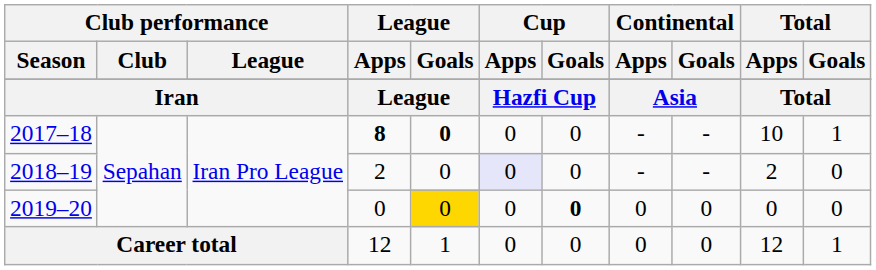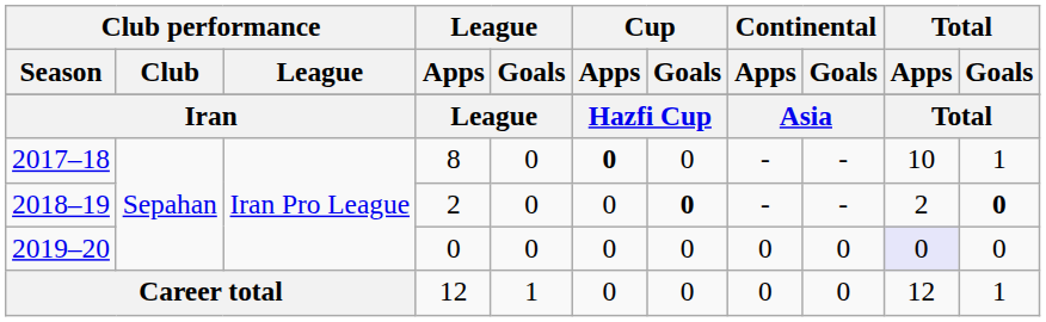 <table class="wikitable" style="text-align:center">
 <tr>
 <th colspan=3>Club performance</th>
 <th colspan=2>League</th>
 <th colspan=2>Cup</th>
 <th colspan=2>Continental</th>
 <th colspan=2>Total</th>
 </tr>
 <tr>
 <th>Season</th>
 <th>Club</th>
 <th>League</th>
 <th>Apps</th>
 <th>Goals</th>
 <th>Apps</th>
 <th>Goals</th>
 <th>Apps</th>
 <th>Goals</th>
 <th>Apps</th>
 <th>Goals</th>
 </tr>
 <tr>
 </tr>
 <tr>
 <th colspan=3>Iran</th>
 <th colspan=2>League</th>
 <th colspan=2><a href='#'>Hazfi Cup</a></th>
 <th colspan=2><a href='#'>Asia</a></th>
 <th colspan=2>Total</th>
 </tr>
 <tr>
 <td><a href='#'>2017–18</a></td>
 <td rowspan="3"><a href='#'>Sepahan</a></td>
 <td rowspan="3"><a href='#'>Iran Pro League</a></td>
-<td><strong>8</strong></td>
+<td>8</td>
+<td>0</td>
 <td><strong>0</strong></td>
-<td>0</td>
 <td>0</td>
 <td>-</td>
 <td>-</td>
 <td>10</td>
 <td>1</td>
 </tr>
 <tr>
 <td><a href='#'>2018–19</a></td>
 <td>2</td>
 <td>0</td>
-<td style="background: lavender;">0</td>
 <td>0</td>
+<td><strong>0</strong></td>
 <td>-</td>
 <td>-</td>
 <td>2</td>
-<td>0</td>
+<td><strong>0</strong></td>
 </tr>
 <tr>
 <td><a href='#'>2019–20</a></td>
 <td>0</td>
-<td style="background: gold;">0</td>
-<td>0</td>
-<td><strong>0</strong></td>
 <td>0</td>
 <td>0</td>
 <td>0</td>
+<td>0</td>
+<td>0</td>
+<td style="background: lavender;">0</td>
 <td>0</td>
 </tr>
 <tr>
 <th colspan=3>Career total</th>
 <td>12</td>
 <td>1</td>
 <td>0</td>
 <td>0</td>
 <td>0</td>
 <td>0</td>
 <td>12</td>
 <td>1</td>
 </tr>
 </table>
